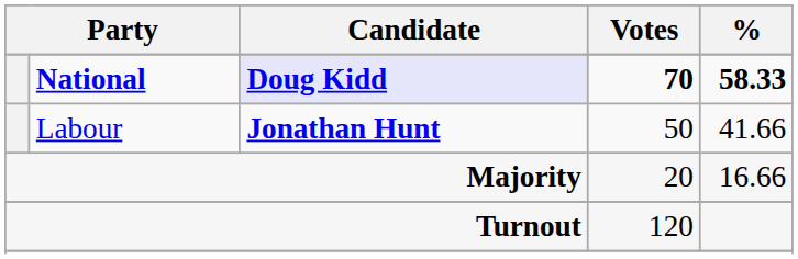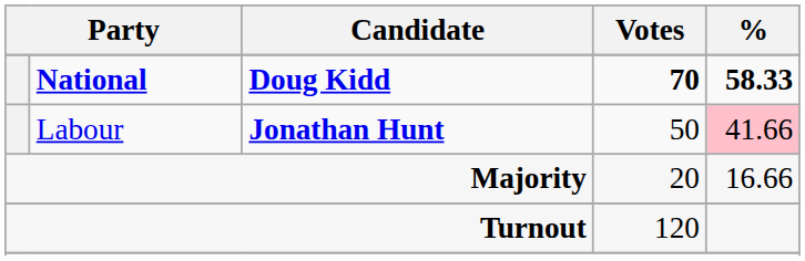 <table class="wikitable" style="font-size: 95%;">
 <tr style="background-color:#E9E9E9">
 <th colspan="2" style="width: 100px">Party</th>
 <th style="width: 170px">Candidate</th>
 <th style="width: 50px">Votes</th>
 <th style="width: 40px">%</th>
 </tr>
 <tr>
 </tr>
 <tr>
 <th width=5 style="background-color: "></th>
 <td style="width: 100px"><strong><a href='#'>National</a></strong></td>
-<td style="background: lavender; width: 170px"><strong><a href='#'>Doug Kidd</a></strong></td>
+<td style="width: 170px"><strong><a href='#'>Doug Kidd</a></strong></td>
 <td align="right"><strong>70</strong></td>
 <td align="right"><strong>58.33</strong></td>
 </tr>
 <tr>
 <th style="background-color: "></th>
 <td style="width: 100px"><a href='#'>Labour</a></td>
 <td style="width: 170px"><strong><a href='#'>Jonathan Hunt</a></strong></td>
 <td align="right">50</td>
-<td align="right">41.66</td>
+<td align="right" style="background: pink;">41.66</td>
 </tr>
 <tr style="background-color:#F6F6F6">
 <td colspan="3" align="right"><strong>Majority</strong></td>
 <td align="right">20</td>
 <td align="right">16.66</td>
 </tr>
 <tr>
 </tr>
 <tr style="background-color:#F6F6F6">
 <td colspan="3" align="right"><strong>Turnout</strong></td>
 <td align="right">120</td>
 <td></td>
 </tr>
 <tr>
 </tr>
 <tr style="background-color:#F6F6F6">
 </tr>
 </table>
